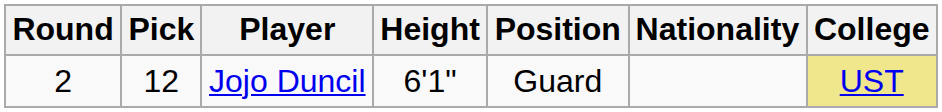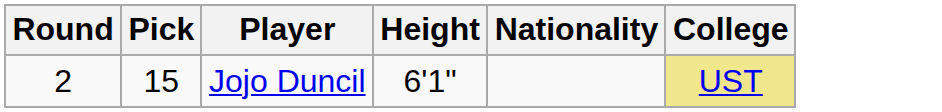 <table class="wikitable sortable sortable">
 <tr>
 <th>Round</th>
 <th>Pick</th>
 <th>Player</th>
 <th>Height</th>
-<th>Position</th>
 <th>Nationality</th>
 <th>College</th>
 </tr>
 <tr style="text-align: center">
 <td>2</td>
-<td>12</td>
+<td>15</td>
 <td><a href='#'>Jojo Duncil</a></td>
 <td>6'1"</td>
-<td>Guard</td>
 <td></td>
 <td style="background: khaki;"><a href='#'>UST</a></td>
 </tr>
 </table>
